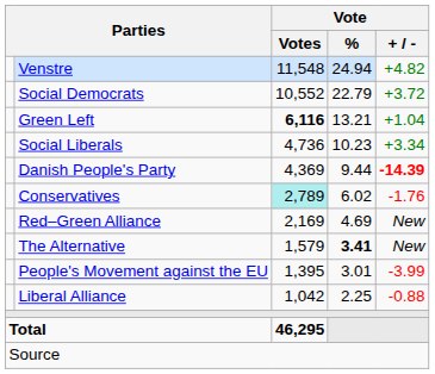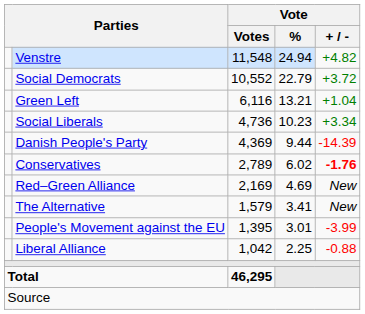 <table class="wikitable" style="text-align:right;">
 <tr>
 <th style="text-align:centre;" rowspan="2" colspan="2" width="225">Parties</th>
 <th colspan="3">Vote</th>
 </tr>
 <tr>
 <th width="15">Votes</th>
 <th width="15">%</th>
 <th width="15">+ / -</th>
 </tr>
 <tr>
 <td width="2" style="color:inherit;background:"></td>
 <td bgcolor=#cfe5fe   align="left"><a href='#'>Venstre</a></td>
 <td bgcolor=#cfe5fe>11,548</td>
 <td bgcolor=#cfe5fe>24.94</td>
 <td style=color:green;>+4.82</td>
 </tr>
 <tr>
 <td width="2" style="color:inherit;background:"></td>
 <td align="left"><a href='#'>Social Democrats</a></td>
 <td>10,552</td>
 <td>22.79</td>
 <td style=color:green;>+3.72</td>
 </tr>
 <tr>
 <td width="2" style="color:inherit;background:"></td>
 <td align="left"><a href='#'>Green Left</a></td>
-<td><strong>6,116</strong></td>
+<td>6,116</td>
 <td>13.21</td>
 <td style=color:green;>+1.04</td>
 </tr>
 <tr>
 <td width="2" style="color:inherit;background:"></td>
 <td align="left"><a href='#'>Social Liberals</a></td>
 <td>4,736</td>
 <td>10.23</td>
 <td style=color:green;>+3.34</td>
 </tr>
 <tr>
 <td width="2" style="color:inherit;background:"></td>
 <td align="left"><a href='#'>Danish People's Party</a></td>
 <td>4,369</td>
 <td>9.44</td>
-<td style=color:red;><strong>-14.39</strong></td>
+<td style=color:red;>-14.39</td>
 </tr>
 <tr>
 <td width="2" style="color:inherit;background:"></td>
 <td align="left"><a href='#'>Conservatives</a></td>
-<td style="background: paleturquoise;">2,789</td>
+<td>2,789</td>
 <td>6.02</td>
-<td style=color:red;>-1.76</td>
+<td style=color:red;><strong>-1.76</strong></td>
 </tr>
 <tr>
 <td width="2" style="color:inherit;background:"></td>
 <td align="left"><a href='#'>Red–Green Alliance</a></td>
 <td>2,169</td>
 <td>4.69</td>
 <td><em>New</em></td>
 </tr>
 <tr>
 <td width="2" style="color:inherit;background:"></td>
 <td align="left"><a href='#'>The Alternative</a></td>
 <td>1,579</td>
-<td><strong>3.41</strong></td>
+<td>3.41</td>
 <td><em>New</em></td>
 </tr>
 <tr>
 <td width="2" style="color:inherit;background:"></td>
 <td align="left"><a href='#'>People's Movement against the EU</a></td>
 <td>1,395</td>
 <td>3.01</td>
 <td style=color:red;>-3.99</td>
 </tr>
 <tr>
 <td width="2" style="color:inherit;background:"></td>
 <td align="left"><a href='#'>Liberal Alliance</a></td>
 <td>1,042</td>
 <td>2.25</td>
 <td style=color:red;>-0.88</td>
 </tr>
 <tr>
 <td colspan="7" bgcolor="#E9E9E9"></td>
 </tr>
 <tr>
 <td align="left" colspan="2"><strong>Total</strong></td>
 <td><strong>46,295</strong></td>
 <td bgcolor="#E9E9E9" colspan="2"></td>
 </tr>
 <tr>
 <td align="left" colspan="6">Source</td>
 </tr>
 </table>
